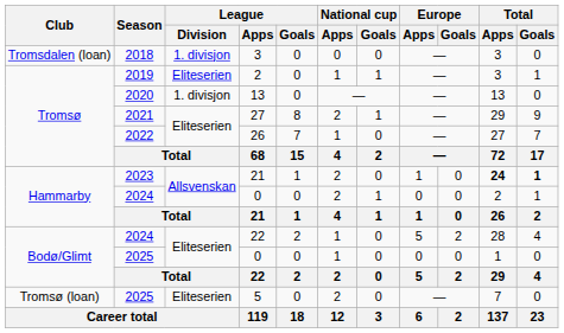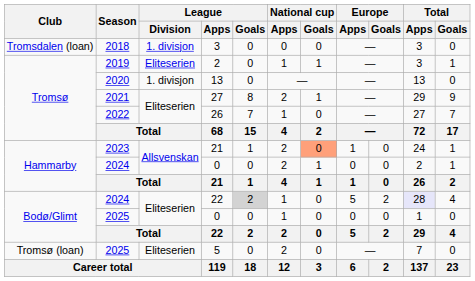 <table class="wikitable" style="text-align:center">
 <tr>
 <th rowspan="2">Club</th>
 <th rowspan="2">Season</th>
 <th colspan="3">League</th>
 <th colspan="2">National cup</th>
 <th colspan="2">Europe</th>
 <th colspan="2">Total</th>
 </tr>
 <tr>
 <th>Division</th>
 <th>Apps</th>
 <th>Goals</th>
 <th>Apps</th>
 <th>Goals</th>
 <th>Apps</th>
 <th>Goals</th>
 <th>Apps</th>
 <th>Goals</th>
 </tr>
 <tr>
 <td><a href='#'>Tromsdalen</a> (loan)</td>
 <td><a href='#'>2018</a></td>
 <td><a href='#'>1. divisjon</a></td>
 <td>3</td>
 <td>0</td>
 <td>0</td>
 <td>0</td>
 <td colspan=2>—</td>
 <td>3</td>
 <td>0</td>
 </tr>
 <tr>
 <td rowspan=5><a href='#'>Tromsø</a></td>
 <td><a href='#'>2019</a></td>
 <td><a href='#'>Eliteserien</a></td>
 <td>2</td>
 <td>0</td>
 <td>1</td>
 <td>1</td>
 <td colspan=2>—</td>
 <td>3</td>
 <td>1</td>
 </tr>
 <tr>
 <td><a href='#'>2020</a></td>
 <td>1. divisjon</td>
 <td>13</td>
 <td>0</td>
 <td colspan=2>—</td>
 <td colspan=2>—</td>
 <td>13</td>
 <td>0</td>
 </tr>
 <tr>
 <td><a href='#'>2021</a></td>
 <td rowspan=2>Eliteserien</td>
 <td>27</td>
 <td>8</td>
 <td>2</td>
 <td>1</td>
 <td colspan=2>—</td>
 <td>29</td>
 <td>9</td>
 </tr>
 <tr>
 <td><a href='#'>2022</a></td>
 <td>26</td>
 <td>7</td>
 <td>1</td>
 <td>0</td>
 <td colspan=2>—</td>
 <td>27</td>
 <td>7</td>
 </tr>
 <tr>
 <th colspan=2>Total</th>
 <th>68</th>
 <th>15</th>
 <th>4</th>
 <th>2</th>
 <th colspan=2>—</th>
 <th>72</th>
 <th>17</th>
 </tr>
 <tr>
 <td rowspan=3><a href='#'>Hammarby</a></td>
 <td><a href='#'>2023</a></td>
 <td rowspan=2><a href='#'>Allsvenskan</a></td>
 <td>21</td>
 <td>1</td>
 <td>2</td>
-<td>0</td>
+<td style="background: lightsalmon;">0</td>
 <td>1</td>
 <td>0</td>
-<td><strong>24</strong></td>
-<td><strong>1</strong></td>
+<td>24</td>
+<td>1</td>
 </tr>
 <tr>
 <td><a href='#'>2024</a></td>
 <td>0</td>
 <td>0</td>
 <td>2</td>
 <td>1</td>
 <td>0</td>
 <td>0</td>
 <td>2</td>
 <td>1</td>
 </tr>
 <tr>
 <th colspan=2>Total</th>
 <th>21</th>
 <th>1</th>
 <th>4</th>
 <th>1</th>
 <th>1</th>
 <th>0</th>
 <th>26</th>
 <th>2</th>
 </tr>
 <tr>
 <td rowspan=3><a href='#'>Bodø/Glimt</a></td>
 <td><a href='#'>2024</a></td>
 <td rowspan=2>Eliteserien</td>
 <td>22</td>
-<td>2</td>
+<td style="background: lightgrey;">2</td>
 <td>1</td>
 <td>0</td>
 <td>5</td>
 <td>2</td>
-<td>28</td>
+<td style="background: lavender;">28</td>
 <td>4</td>
 </tr>
 <tr>
 <td><a href='#'>2025</a></td>
 <td>0</td>
 <td>0</td>
 <td>1</td>
 <td>0</td>
 <td>0</td>
 <td>0</td>
 <td>1</td>
 <td>0</td>
 </tr>
 <tr>
 <th colspan=2>Total</th>
 <th>22</th>
 <th>2</th>
 <th>2</th>
 <th>0</th>
 <th>5</th>
 <th>2</th>
 <th>29</th>
 <th>4</th>
 </tr>
 <tr>
 <td>Tromsø (loan)</td>
 <td><a href='#'>2025</a></td>
 <td>Eliteserien</td>
 <td>5</td>
 <td>0</td>
 <td>2</td>
 <td>0</td>
 <td colspan=2>—</td>
 <td>7</td>
 <td>0</td>
 </tr>
 <tr>
 <th colspan=3>Career total</th>
 <th>119</th>
 <th>18</th>
 <th>12</th>
 <th>3</th>
 <th>6</th>
 <th>2</th>
 <th>137</th>
 <th>23</th>
 </tr>
 </table>
